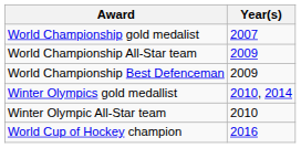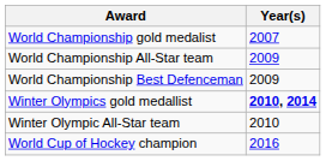 <table class="wikitable">
 <tr>
 <th>Award</th>
 <th>Year(s)</th>
 </tr>
 <tr>
 <td><a href='#'>World Championship</a> gold medalist</td>
 <td><a href='#'>2007</a></td>
 </tr>
 <tr>
 <td>World Championship All-Star team</td>
 <td><a href='#'>2009</a></td>
 </tr>
 <tr>
 <td>World Championship <a href='#'>Best Defenceman</a></td>
 <td>2009</td>
 </tr>
 <tr>
 <td><a href='#'>Winter Olympics</a> gold medallist</td>
-<td><a href='#'>2010</a>, <a href='#'>2014</a></td>
+<td><strong><a href='#'>2010</a>, <a href='#'>2014</a></strong></td>
 </tr>
 <tr>
 <td>Winter Olympic All-Star team</td>
 <td>2010</td>
 </tr>
 <tr>
 <td><a href='#'>World Cup of Hockey</a> champion</td>
 <td><a href='#'>2016</a></td>
 </tr>
 </table>
